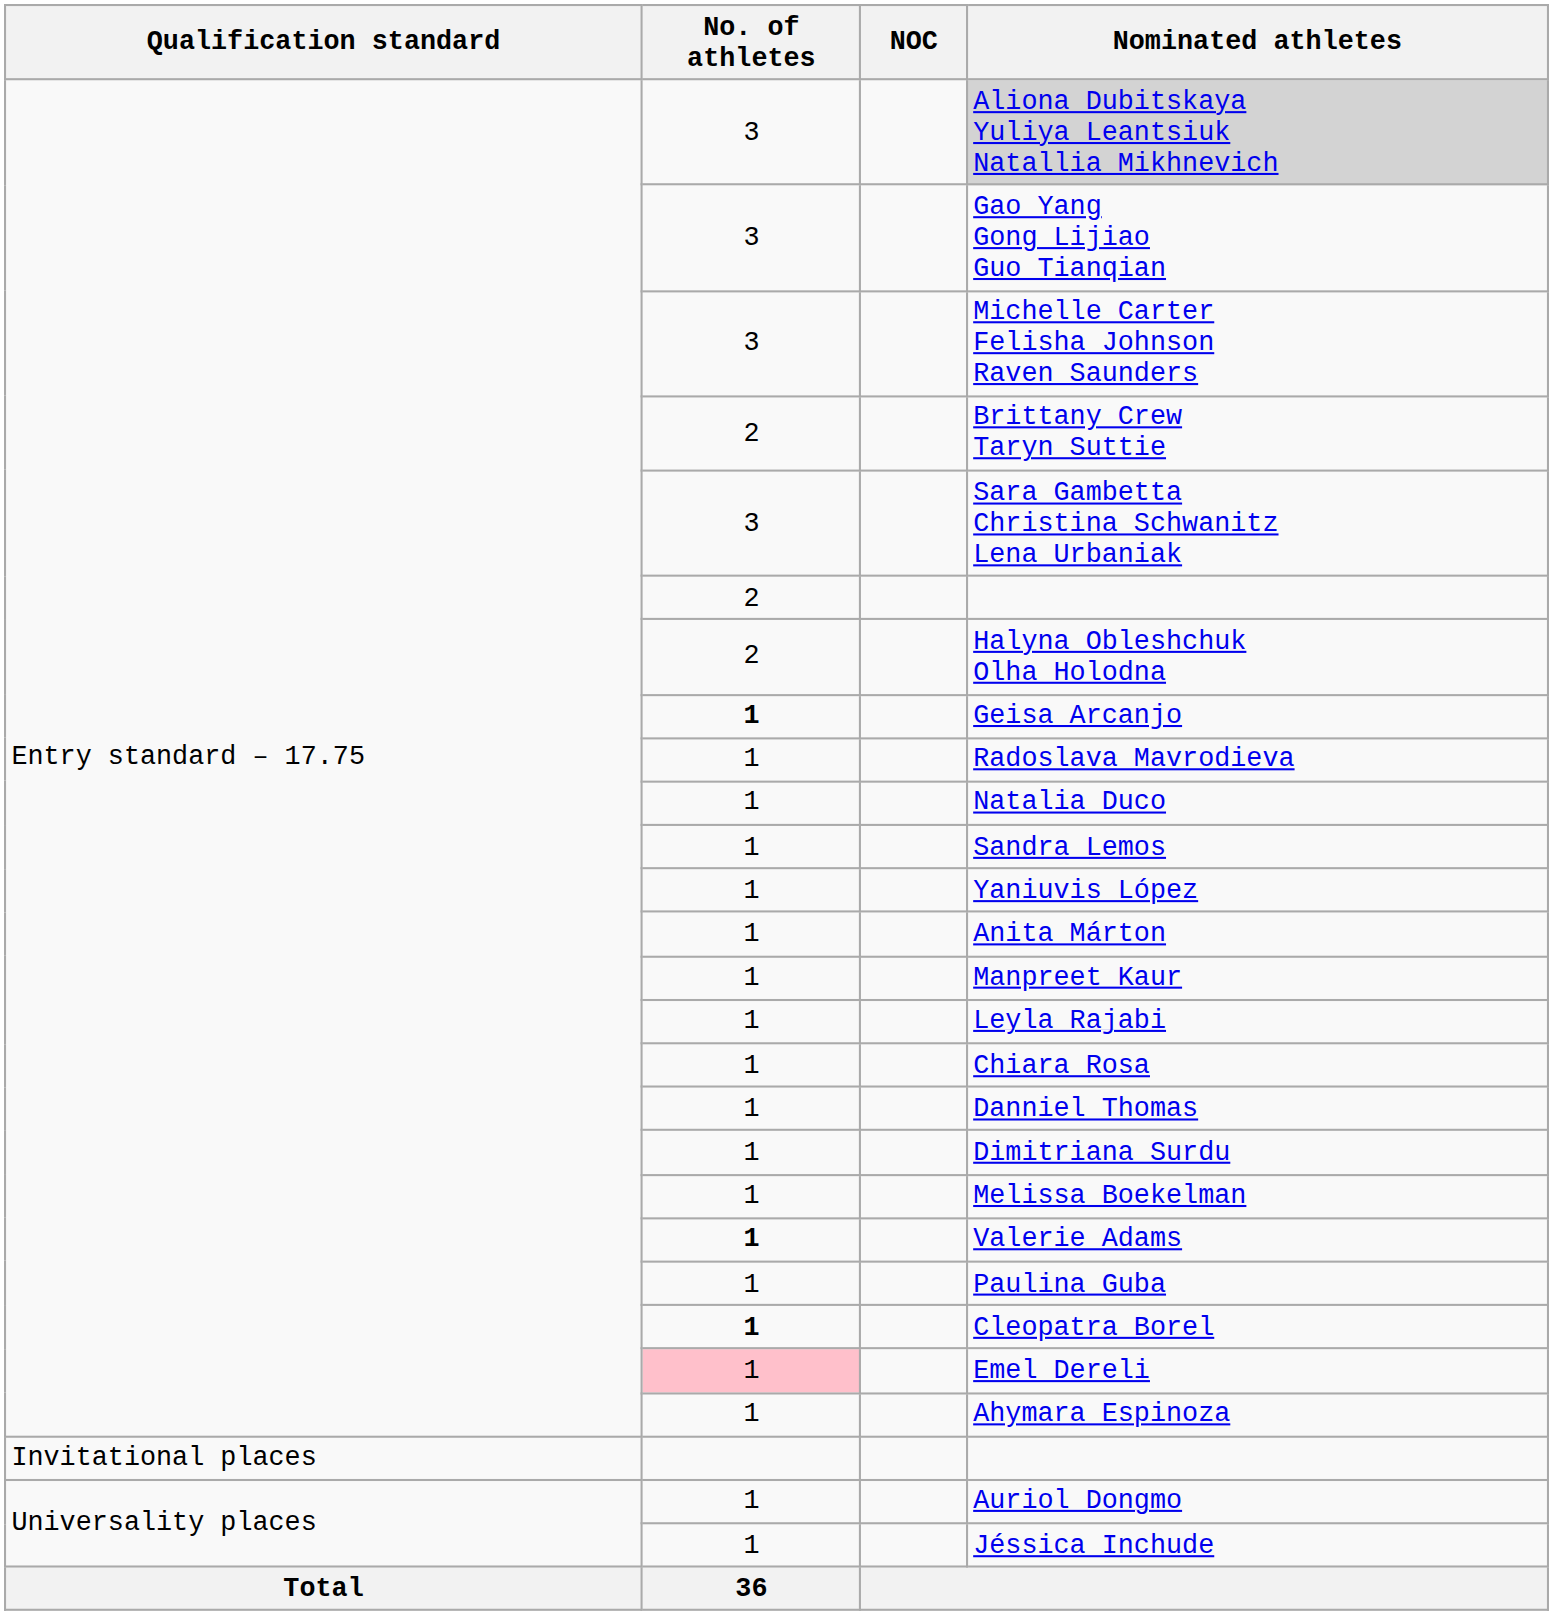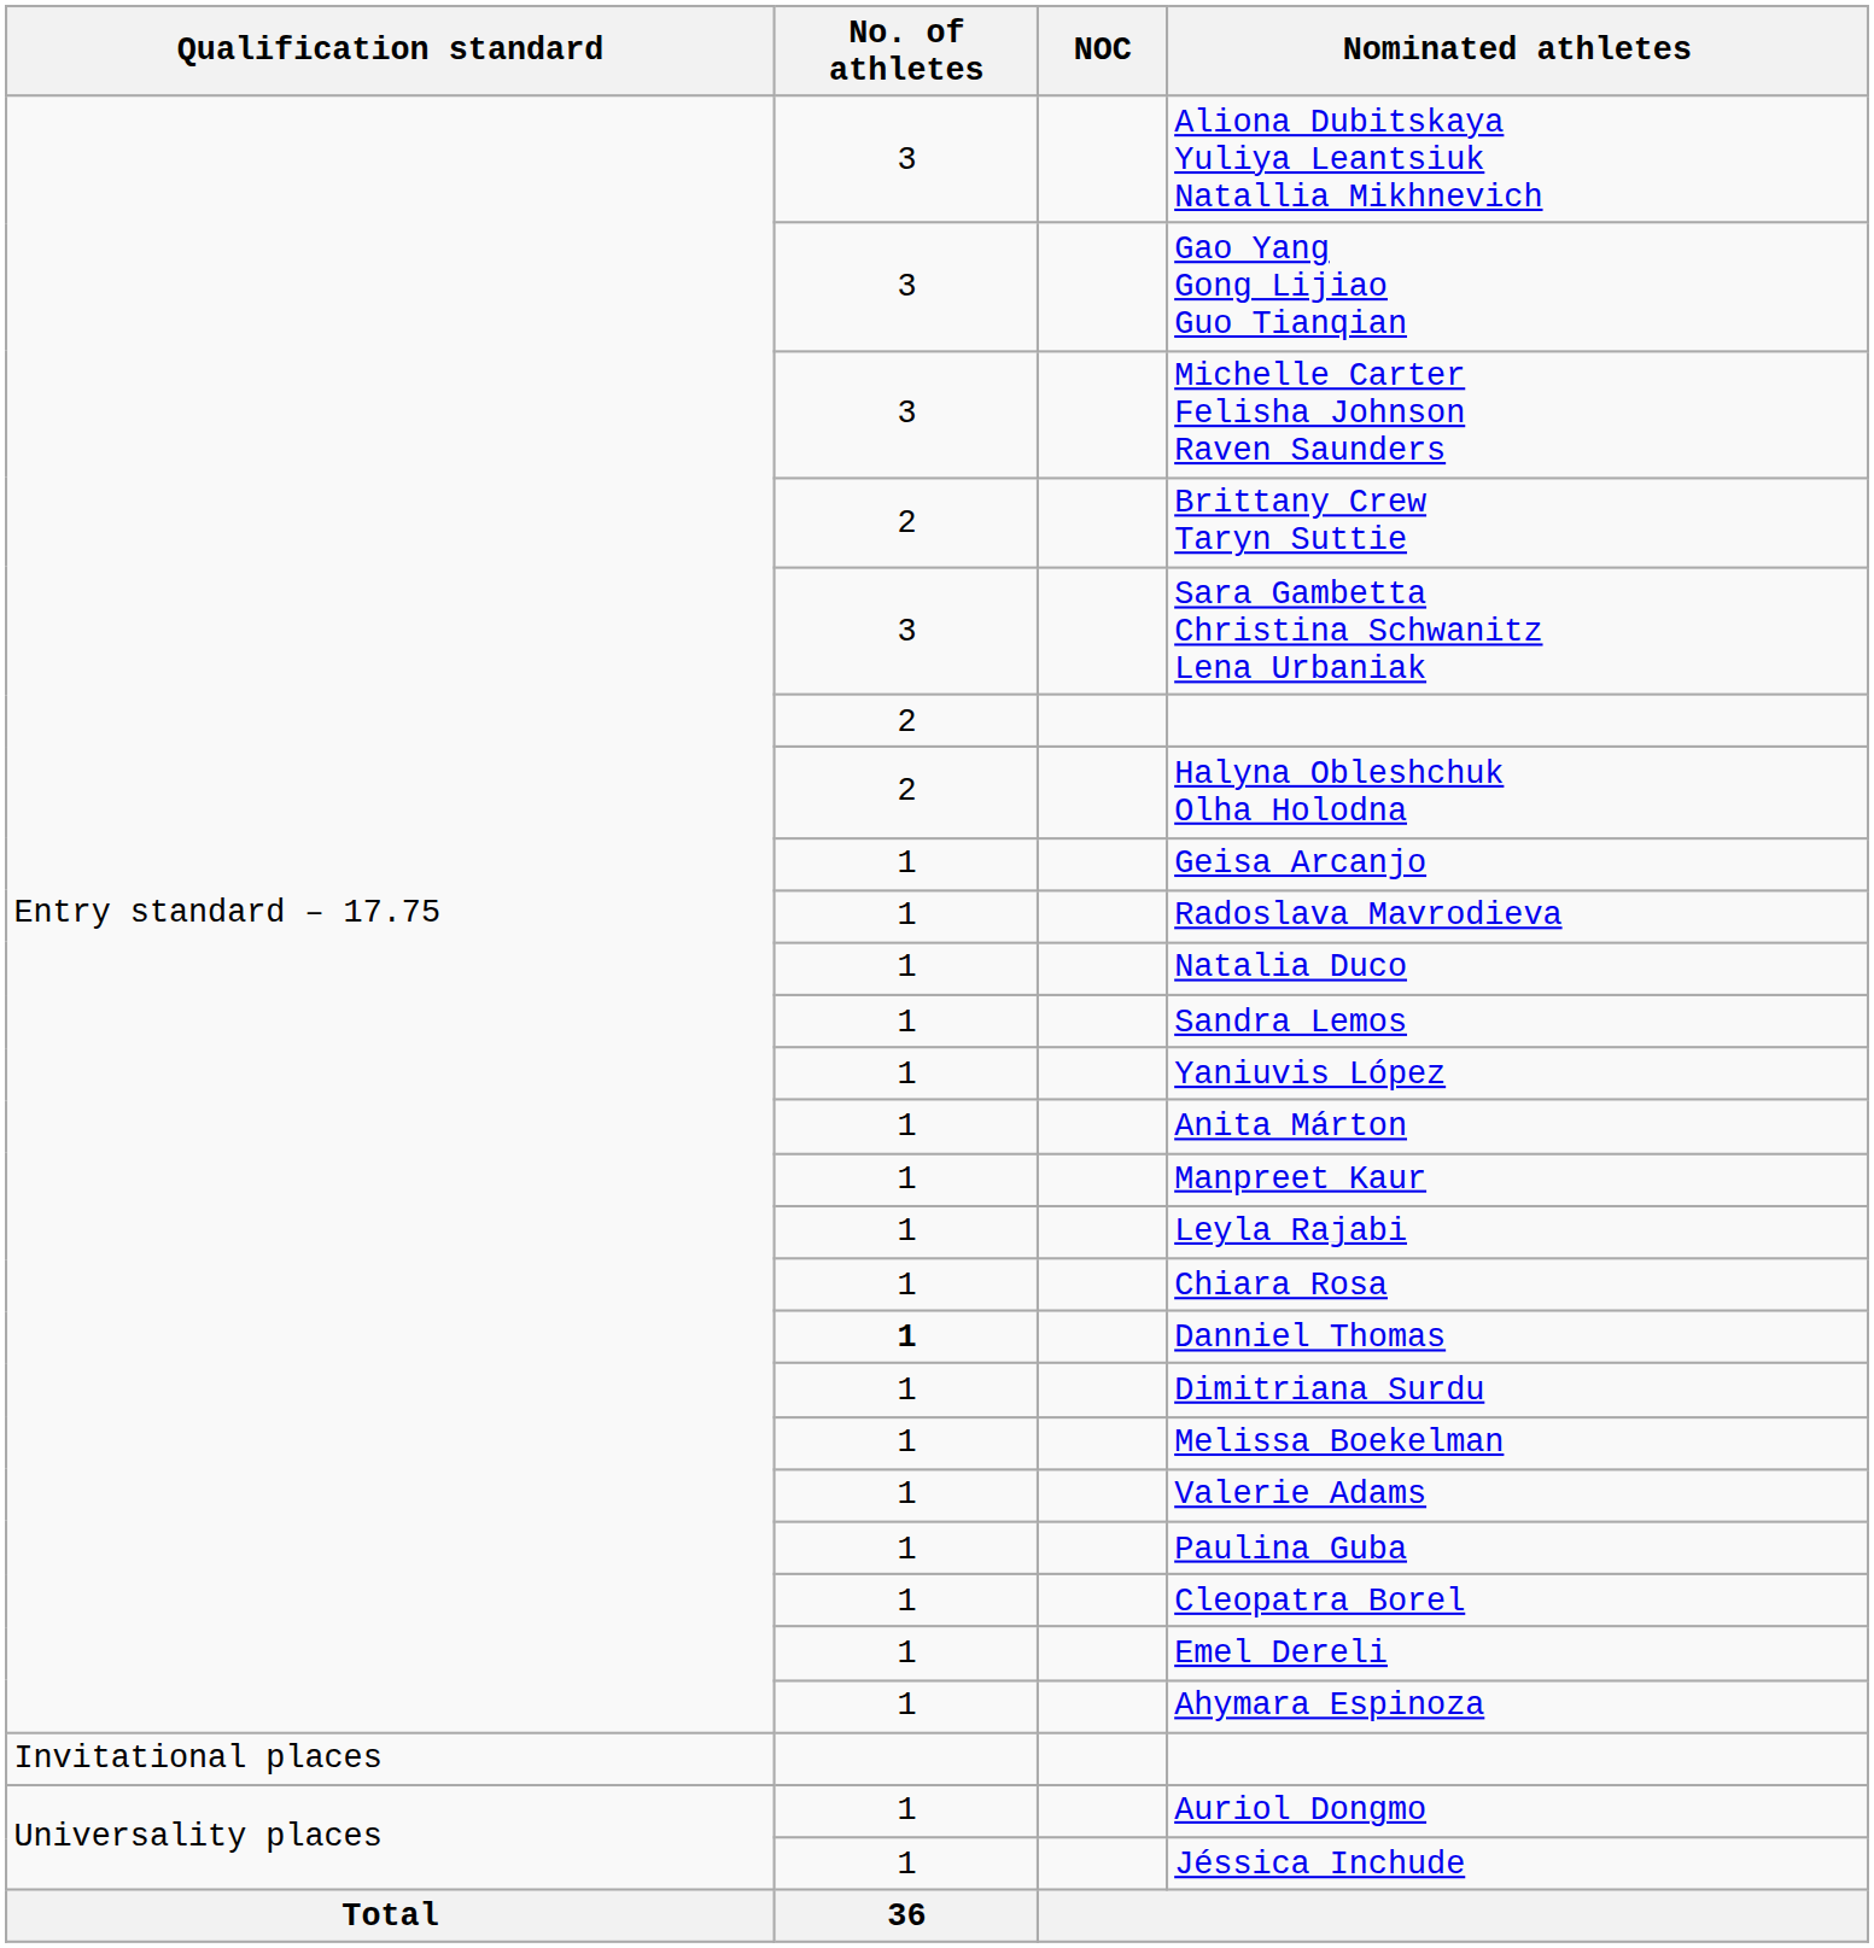 <table class="wikitable"  style="text-align:left; width:750px;">
 <tr>
 <th>Qualification standard</th>
 <th width=100>No. of athletes</th>
 <th>NOC</th>
 <th>Nominated athletes</th>
 </tr>
 <tr>
 <td rowspan=24>Entry standard – 17.75</td>
 <td style="text-align:center;">3</td>
 <td></td>
-<td style="background: lightgrey;"><a href='#'>Aliona Dubitskaya</a><br><a href='#'>Yuliya Leantsiuk</a><br><a href='#'>Natallia Mikhnevich</a></td>
+<td><a href='#'>Aliona Dubitskaya</a><br><a href='#'>Yuliya Leantsiuk</a><br><a href='#'>Natallia Mikhnevich</a></td>
 </tr>
 <tr>
 <td style="text-align:center;">3</td>
 <td></td>
 <td><a href='#'>Gao Yang</a><br><a href='#'>Gong Lijiao</a><br><a href='#'>Guo Tianqian</a></td>
 </tr>
 <tr>
 <td style="text-align:center;">3</td>
 <td></td>
 <td><a href='#'>Michelle Carter</a><br><a href='#'>Felisha Johnson</a><br><a href='#'>Raven Saunders</a></td>
 </tr>
 <tr>
 <td style="text-align:center;">2</td>
 <td></td>
 <td><a href='#'>Brittany Crew</a><br><a href='#'>Taryn Suttie</a></td>
 </tr>
 <tr>
 <td style="text-align:center;">3</td>
 <td></td>
 <td><a href='#'>Sara Gambetta</a><br><a href='#'>Christina Schwanitz</a><br><a href='#'>Lena Urbaniak</a></td>
 </tr>
 <tr>
 <td style="text-align:center;">2</td>
 <td></td>
 <td></td>
 </tr>
 <tr>
 <td style="text-align:center;">2</td>
 <td></td>
 <td><a href='#'>Halyna Obleshchuk</a><br><a href='#'>Olha Holodna</a></td>
 </tr>
 <tr>
-<td style="text-align:center;"><strong>1</strong></td>
+<td style="text-align:center;">1</td>
 <td></td>
 <td><a href='#'>Geisa Arcanjo</a></td>
 </tr>
 <tr>
 <td style="text-align:center;">1</td>
 <td></td>
 <td><a href='#'>Radoslava Mavrodieva</a></td>
 </tr>
 <tr>
 <td style="text-align:center;">1</td>
 <td></td>
 <td><a href='#'>Natalia Duco</a></td>
 </tr>
 <tr>
 <td style="text-align:center;">1</td>
 <td></td>
 <td><a href='#'>Sandra Lemos</a></td>
 </tr>
 <tr>
 <td style="text-align:center;">1</td>
 <td></td>
 <td><a href='#'>Yaniuvis López</a></td>
 </tr>
 <tr>
 <td style="text-align:center;">1</td>
 <td></td>
 <td><a href='#'>Anita Márton</a></td>
 </tr>
 <tr>
 <td style="text-align:center;">1</td>
 <td></td>
 <td><a href='#'>Manpreet Kaur</a></td>
 </tr>
 <tr>
 <td style="text-align:center;">1</td>
 <td></td>
 <td><a href='#'>Leyla Rajabi</a></td>
 </tr>
 <tr>
 <td style="text-align:center;">1</td>
 <td></td>
 <td><a href='#'>Chiara Rosa</a></td>
 </tr>
 <tr>
-<td style="text-align:center;">1</td>
+<td style="text-align:center;"><strong>1</strong></td>
 <td></td>
 <td><a href='#'>Danniel Thomas</a></td>
 </tr>
 <tr>
 <td style="text-align:center;">1</td>
 <td></td>
 <td><a href='#'>Dimitriana Surdu</a></td>
 </tr>
 <tr>
 <td style="text-align:center;">1</td>
 <td></td>
 <td><a href='#'>Melissa Boekelman</a></td>
 </tr>
 <tr>
-<td style="text-align:center;"><strong>1</strong></td>
+<td style="text-align:center;">1</td>
 <td></td>
 <td><a href='#'>Valerie Adams</a></td>
 </tr>
 <tr>
 <td style="text-align:center;">1</td>
 <td></td>
 <td><a href='#'>Paulina Guba</a></td>
 </tr>
 <tr>
-<td style="text-align:center;"><strong>1</strong></td>
+<td style="text-align:center;">1</td>
 <td></td>
 <td><a href='#'>Cleopatra Borel</a></td>
 </tr>
 <tr>
-<td style="background: pink; text-align:center;">1</td>
+<td style="text-align:center;">1</td>
 <td></td>
 <td><a href='#'>Emel Dereli</a></td>
 </tr>
 <tr>
 <td style="text-align:center;">1</td>
 <td></td>
 <td><a href='#'>Ahymara Espinoza</a></td>
 </tr>
 <tr>
 <td>Invitational places</td>
 <td></td>
 <td></td>
 <td></td>
 </tr>
 <tr>
 <td rowspan=2>Universality places</td>
 <td style="text-align:center;">1</td>
 <td></td>
 <td><a href='#'>Auriol Dongmo</a></td>
 </tr>
 <tr>
 <td style="text-align:center;">1</td>
 <td></td>
 <td><a href='#'>Jéssica Inchude</a></td>
 </tr>
 <tr>
 <th>Total</th>
 <th>36</th>
 <th colspan=2></th>
 </tr>
 </table>
